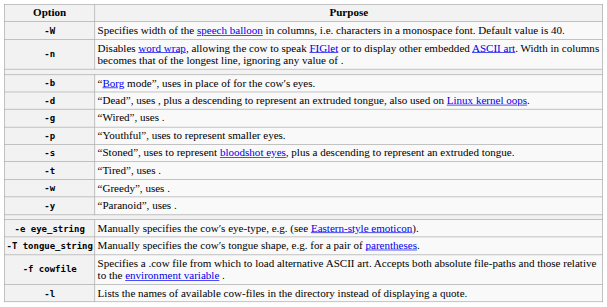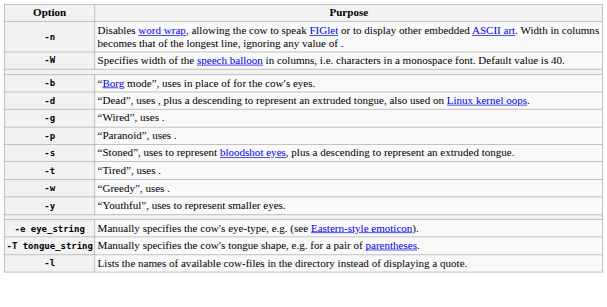 <table class="wikitable plainrowheaders">
 <tr>
 <th>Option</th>
 <th>Purpose</th>
 </tr>
 <tr>
+<th style="font-family:monospace;" scope="row">-n</th>
+<td>Disables <a href='#'>word wrap</a>, allowing the cow to speak <a href='#'>FIGlet</a> or to display other embedded <a href='#'>ASCII art</a>. Width in columns becomes that of the longest line, ignoring any value of <strong></strong>.</td>
+</tr>
+<tr>
 <th style="font-family:monospace;" scope="row">-W</th>
 <td>Specifies width of the <a href='#'>speech balloon</a> in columns, i.e. characters in a monospace font. Default value is 40.</td>
-</tr>
-<tr>
-<th style="font-family:monospace;" scope="row">-n</th>
-<td>Disables <a href='#'>word wrap</a>, allowing the cow to speak <a href='#'>FIGlet</a> or to display other embedded <a href='#'>ASCII art</a>. Width in columns becomes that of the longest line, ignoring any value of <strong></strong>.</td>
 </tr>
 <tr>
 <th colspan="2"></th>
 </tr>
 <tr>
 <th style="font-family:monospace;" scope="row">-b</th>
 <td>“<a href='#'>Borg</a> mode”, uses  in place of  for the cow′s eyes.</td>
 </tr>
 <tr>
 <th style="font-family:monospace;" scope="row">-d</th>
 <td>“Dead”, uses , plus a descending  to represent an extruded tongue, also used on <a href='#'>Linux kernel oops</a>.</td>
 </tr>
 <tr>
 <th style="font-family:monospace;" scope="row">-g</th>
 <td>“Wired”, uses .</td>
 </tr>
 <tr>
 <th style="font-family:monospace;" scope="row">-p</th>
-<td>“Youthful”, uses  to represent smaller eyes.</td>
+<td>“Paranoid”, uses .</td>
 </tr>
 <tr>
 <th style="font-family:monospace;" scope="row">-s</th>
 <td>“Stoned”, uses  to represent <a href='#'>bloodshot eyes</a>, plus a descending  to represent an extruded tongue.</td>
 </tr>
 <tr>
 <th style="font-family:monospace;" scope="row">-t</th>
 <td>“Tired”, uses .</td>
 </tr>
 <tr>
 <th style="font-family:monospace;" scope="row">-w</th>
 <td>“Greedy”, uses .</td>
 </tr>
 <tr>
 <th style="font-family:monospace;" scope="row">-y</th>
-<td>“Paranoid”, uses .</td>
+<td>“Youthful”, uses  to represent smaller eyes.</td>
 </tr>
 <tr>
 <th colspan="2"></th>
 </tr>
 <tr>
 <th style="font-family:monospace;" scope="row">-e eye_string</th>
 <td>Manually specifies the cow′s eye-type, e.g.  (see <a href='#'>Eastern-style emoticon</a>).</td>
 </tr>
 <tr>
 <th style="font-family:monospace; white-space:nowrap;" scope="row">-T tongue_string</th>
 <td>Manually specifies the cow′s tongue shape, e.g.  for a pair of <a href='#'>parentheses</a>.</td>
 </tr>
 <tr>
-<th style="font-family:monospace;" scope="row">-f cowfile</th>
-<td>Specifies a .cow file from which to load alternative ASCII art. Accepts both absolute file-paths and those relative to the <a href='#'>environment variable</a> .</td>
-</tr>
-<tr>
 <th style="font-family:monospace;" scope="row">-l</th>
 <td>Lists the names of available cow-files in the  directory instead of displaying a quote.</td>
 </tr>
 </table>
